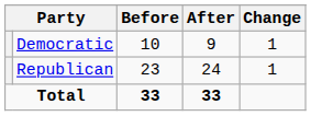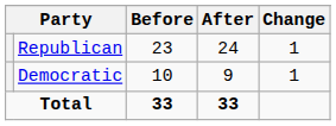 <table class="wikitable" style="text-align:center;">
 <tr>
 </tr>
 <tr>
 <th colspan=2>Party</th>
 <th>Before</th>
 <th>After</th>
 <th>Change</th>
 </tr>
 <tr>
 <th style="background-color:"></th>
-<td style="text-align:left;"><a href='#'>Democratic</a></td>
-<td>10</td>
-<td>9</td>
+<td style="text-align:left;"><a href='#'>Republican</a></td>
+<td>23</td>
+<td>24</td>
 <td> 1</td>
 </tr>
 <tr>
 <th style="background-color:"></th>
-<td style="text-align:left;"><a href='#'>Republican</a></td>
-<td>23</td>
-<td>24</td>
+<td style="text-align:left;"><a href='#'>Democratic</a></td>
+<td>10</td>
+<td>9</td>
 <td> 1</td>
 </tr>
 <tr>
 <td colspan=2><strong>Total</strong></td>
 <td><strong>33</strong></td>
 <td><strong>33</strong></td>
 <td></td>
 </tr>
 </table>
